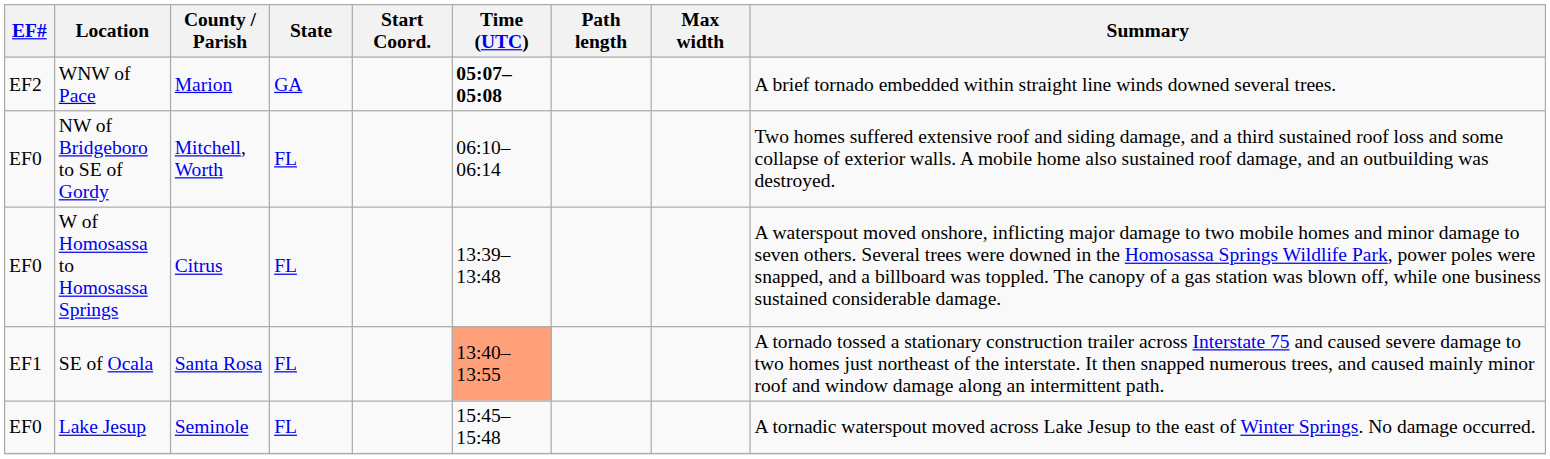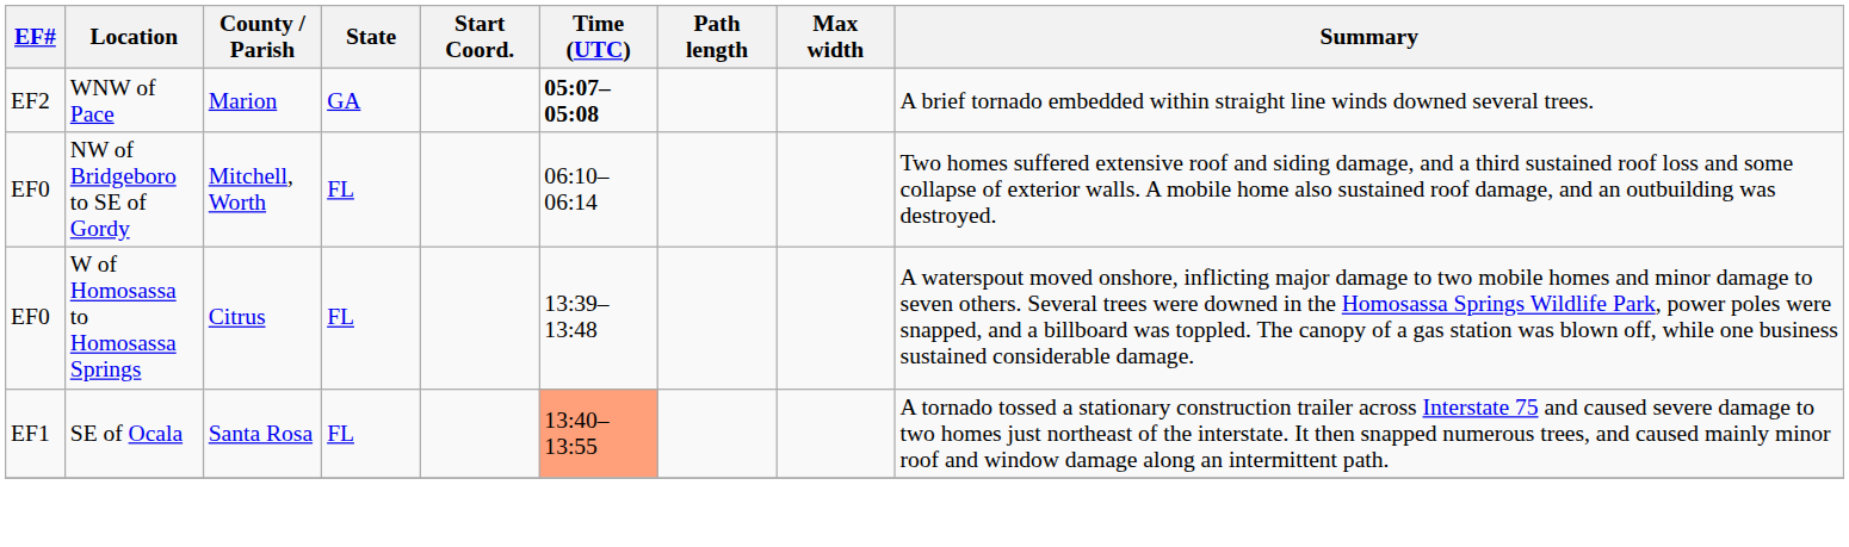 <table class="wikitable sortable" style="width:100%;">
 <tr>
 <th scope="col"  style="width:3%; text-align:center;"><a href='#'>EF#</a></th>
 <th scope="col"  style="width:7%; text-align:center;" class="unsortable">Location</th>
 <th scope="col"  style="width:6%; text-align:center;" class="unsortable">County / Parish</th>
 <th scope="col"  style="width:5%; text-align:center;">State</th>
 <th scope="col"  style="width:6%; text-align:center;">Start Coord.</th>
 <th scope="col"  style="width:6%; text-align:center;">Time (<a href='#'>UTC</a>)</th>
 <th scope="col"  style="width:6%; text-align:center;">Path length</th>
 <th scope="col"  style="width:6%; text-align:center;">Max width</th>
 <th scope="col" class="unsortable" style="width:48%; text-align:center;">Summary</th>
 </tr>
 <tr>
 <td>EF2</td>
 <td>WNW of <a href='#'>Pace</a></td>
 <td><a href='#'>Marion</a></td>
 <td><a href='#'>GA</a></td>
 <td></td>
 <td><strong>05:07–05:08</strong></td>
 <td></td>
 <td></td>
 <td>A brief tornado embedded within straight line winds downed several trees.</td>
 </tr>
 <tr>
 <td>EF0</td>
 <td>NW of <a href='#'>Bridgeboro</a> to SE of <a href='#'>Gordy</a></td>
 <td><a href='#'>Mitchell</a>, <a href='#'>Worth</a></td>
 <td><a href='#'>FL</a></td>
 <td></td>
 <td>06:10–06:14</td>
 <td></td>
 <td></td>
 <td>Two homes suffered extensive roof and siding damage, and a third sustained roof loss and some collapse of exterior walls. A mobile home also sustained roof damage, and an outbuilding was destroyed.</td>
 </tr>
 <tr>
 <td>EF0</td>
 <td>W of <a href='#'>Homosassa</a> to <a href='#'>Homosassa Springs</a></td>
 <td><a href='#'>Citrus</a></td>
 <td><a href='#'>FL</a></td>
 <td></td>
 <td>13:39–13:48</td>
 <td></td>
 <td></td>
 <td>A waterspout moved onshore, inflicting major damage to two mobile homes and minor damage to seven others. Several trees were downed in the <a href='#'>Homosassa Springs Wildlife Park</a>, power poles were snapped, and a billboard was toppled. The canopy of a gas station was blown off, while one business sustained considerable damage.</td>
 </tr>
 <tr>
 <td>EF1</td>
 <td>SE of <a href='#'>Ocala</a></td>
 <td><a href='#'>Santa Rosa</a></td>
 <td><a href='#'>FL</a></td>
 <td></td>
 <td style="background: lightsalmon;">13:40–13:55</td>
 <td></td>
 <td></td>
 <td>A tornado tossed a stationary construction trailer across <a href='#'>Interstate 75</a> and caused severe damage to two homes just northeast of the interstate. It then snapped numerous trees, and caused mainly minor roof and window damage along an intermittent path.</td>
 </tr>
 <tr>
-<td>EF0</td>
-<td><a href='#'>Lake Jesup</a></td>
-<td><a href='#'>Seminole</a></td>
-<td><a href='#'>FL</a></td>
-<td></td>
-<td>15:45–15:48</td>
-<td></td>
-<td></td>
-<td>A tornadic waterspout moved across Lake Jesup to the east of <a href='#'>Winter Springs</a>. No damage occurred.</td>
-</tr>
-<tr>
 </tr>
 </table>
